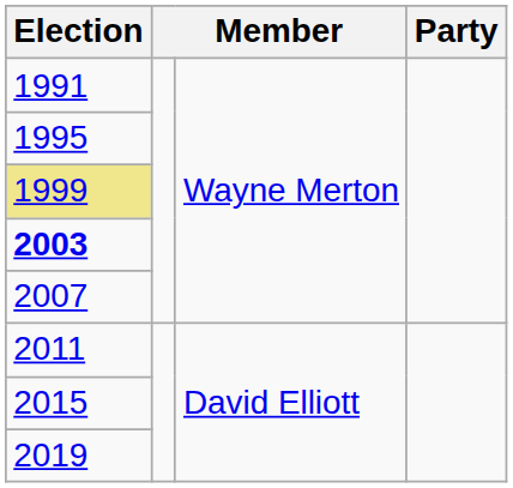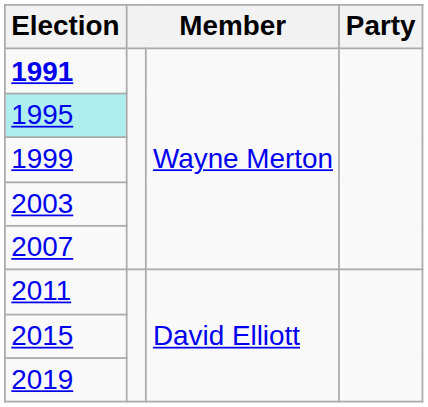 <table class="wikitable">
 <tr>
 <th>Election</th>
 <th colspan="2">Member</th>
 <th>Party</th>
 </tr>
 <tr>
-<td><a href='#'>1991</a></td>
+<td><strong><a href='#'>1991</a></strong></td>
 <td rowspan="5" > </td>
 <td rowspan="5"><a href='#'>Wayne Merton</a></td>
 <td rowspan="5"></td>
 </tr>
 <tr>
-<td><a href='#'>1995</a></td>
+<td style="background: paleturquoise;"><a href='#'>1995</a></td>
 </tr>
 <tr>
-<td style="background: khaki;"><a href='#'>1999</a></td>
+<td><a href='#'>1999</a></td>
 </tr>
 <tr>
-<td><strong><a href='#'>2003</a></strong></td>
+<td><a href='#'>2003</a></td>
 </tr>
 <tr>
 <td><a href='#'>2007</a></td>
 </tr>
 <tr>
 <td><a href='#'>2011</a></td>
 <td rowspan="3" > </td>
 <td rowspan="3"><a href='#'>David Elliott</a></td>
 <td rowspan="3"></td>
 </tr>
 <tr>
 <td><a href='#'>2015</a></td>
 </tr>
 <tr>
 <td><a href='#'>2019</a></td>
 </tr>
 </table>
